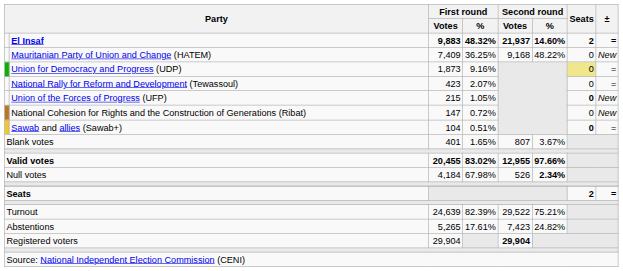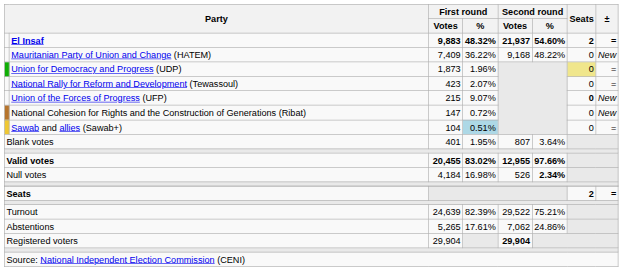 <table class="wikitable" style="text-align:right;font-size:95%;">
 <tr>
 <th rowspan="2" colspan="2" width="700">Party</th>
 <th colspan="2">First round</th>
 <th colspan="2">Second round</th>
 <th rowspan="2" width="25">Seats</th>
 <th rowspan="2" width="20">±</th>
 </tr>
 <tr>
 <th width="50">Votes</th>
 <th width="50">%</th>
 <th width="50">Votes</th>
 <th width="50">%</th>
 </tr>
 <tr>
 <td width="1" style="color:inherit;background:"></td>
 <td style="text-align:left;"><strong><a href='#'>El Insaf</a></strong></td>
 <td><strong>9,883</strong></td>
 <td><strong>48.32%</strong></td>
 <td><strong>21,937</strong></td>
-<td><strong>14.60%</strong></td>
+<td><strong>54.60%</strong></td>
 <td><strong>2</strong></td>
 <td><strong>=</strong></td>
 </tr>
 <tr>
 <td width="1" style="color:inherit;background:"></td>
 <td style="text-align:left;"><a href='#'>Mauritanian Party of Union and Change</a> (HATEM)</td>
 <td>7,409</td>
-<td>36.25%</td>
+<td>36.22%</td>
 <td>9,168</td>
 <td>48.22%</td>
 <td>0</td>
 <td><em>New</em></td>
 </tr>
 <tr>
 <td width="1" style="color:inherit;background:#0FAF05;"></td>
 <td style="text-align:left;"><a href='#'>Union for Democracy and Progress</a> (UDP)</td>
 <td>1,873</td>
-<td>9.16%</td>
+<td>1.96%</td>
 <td colspan="2" rowspan="5" style="background:#E9E9E9;"></td>
 <td style="background: khaki;">0</td>
 <td>=</td>
 </tr>
 <tr>
 <td width="1" style="color:inherit;background:"></td>
 <td style="text-align:left;"><a href='#'>National Rally for Reform and Development</a> (Tewassoul)</td>
 <td>423</td>
 <td>2.07%</td>
 <td>0</td>
 <td>=</td>
 </tr>
 <tr>
 <td width="1" style="color:inherit;background:"></td>
 <td style="text-align:left;"><a href='#'>Union of the Forces of Progress</a> (UFP)</td>
 <td>215</td>
-<td>1.05%</td>
+<td>9.07%</td>
 <td><strong>0</strong></td>
 <td><em>New</em></td>
 </tr>
 <tr>
 <td width="1" style="color:inherit;background:#B7752C;"></td>
 <td style="text-align:left;">National Cohesion for Rights and the Construction of Generations (Ribat)</td>
 <td>147</td>
 <td>0.72%</td>
 <td>0</td>
 <td><em>New</em></td>
 </tr>
 <tr>
 <td width="1" style="color:inherit;background:#F0C832;"></td>
 <td style="text-align:left;"><a href='#'>Sawab</a> and <a href='#'>allies</a> (Sawab+)</td>
 <td>104</td>
-<td>0.51%</td>
-<td><strong>0</strong></td>
+<td style="background: lightblue;">0.51%</td>
+<td>0</td>
 <td>=</td>
 </tr>
 <tr>
 <td colspan="2" style="text-align:left;">Blank votes</td>
 <td>401</td>
-<td>1.65%</td>
+<td>1.95%</td>
 <td>807</td>
-<td>3.67%</td>
+<td>3.64%</td>
 <td colspan="2" style="background:#E9E9E9;"></td>
 </tr>
 <tr>
 <td colspan="8" style="background:#E9E9E9;"></td>
 </tr>
 <tr style="font-weight:bold;">
 <td colspan="2" style="text-align:left;">Valid votes</td>
 <td>20,455</td>
 <td>83.02%</td>
 <td>12,955</td>
 <td>97.66%</td>
 <td colspan="2" style="background:#E9E9E9;"></td>
 </tr>
 <tr>
 <td colspan="2" style="text-align:left;">Null votes</td>
 <td>4,184</td>
-<td>67.98%</td>
+<td>16.98%</td>
 <td>526</td>
 <td><strong>2.34%</strong></td>
 <td colspan="2" style="background:#E9E9E9;"></td>
 </tr>
 <tr>
 <td colspan="8" style="background:#E9E9E9;"></td>
 </tr>
 <tr>
 </tr>
 <tr style="font-weight:bold;">
 <td colspan="2" style="text-align:left;">Seats</td>
 <td colspan="4" style="background:#E9E9E9;"></td>
 <td>2</td>
 <td>=</td>
 </tr>
 <tr>
 <td colspan="8" style="background:#E9E9E9;"></td>
 </tr>
 <tr>
 <td colspan="2" style="text-align:left;">Turnout</td>
 <td>24,639</td>
 <td>82.39%</td>
 <td>29,522</td>
 <td>75.21%</td>
 <td colspan="2" style="background:#E9E9E9;"></td>
 </tr>
 <tr>
 <td colspan="2" style="text-align:left;">Abstentions</td>
 <td>5,265</td>
 <td>17.61%</td>
-<td>7,423</td>
-<td>24.82%</td>
+<td>7,062</td>
+<td>24.86%</td>
 <td colspan="2" style="background:#E9E9E9;"></td>
 </tr>
 <tr>
 <td colspan="2" style="text-align:left;">Registered voters</td>
 <td>29,904</td>
 <td style="color:inherit;background:#E9E9E9;"></td>
 <td><strong>29,904</strong></td>
 <td colspan="3" style="background:#E9E9E9;"></td>
 </tr>
 <tr>
 <td colspan="8" style="background:#E9E9E9;"></td>
 </tr>
 <tr>
 <td colspan="8" style="text-align:left;">Source: <a href='#'>National Independent Election Commission</a> (CENI)</td>
 </tr>
 </table>
